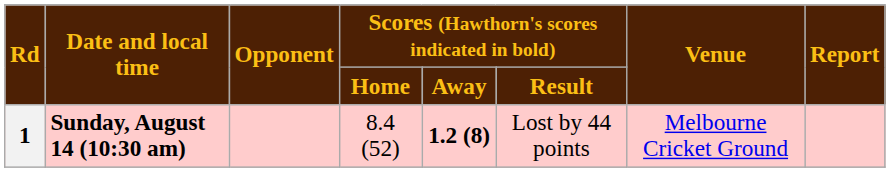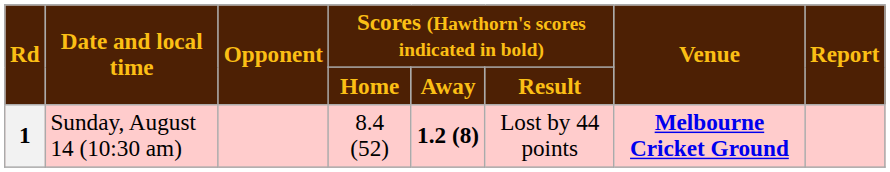 <table class="wikitable" style="text-align:center">
 <tr>
 <th rowspan="2" style="background: #4D2004; color: #FBBF15">Rd</th>
 <th rowspan="2" style="background: #4D2004; color: #FBBF15">Date and local time</th>
 <th rowspan="2" style="background: #4D2004; color: #FBBF15">Opponent</th>
 <th colspan="3" style="background: #4D2004; color: #FBBF15">Scores <small>(Hawthorn's scores indicated in <strong>bold</strong>)</small></th>
 <th rowspan="2" style="background: #4D2004; color: #FBBF15">Venue</th>
 <th rowspan="2" style="background: #4D2004; color: #FBBF15">Report</th>
 </tr>
 <tr>
 <th style="background: #4D2004; color: #FBBF15">Home</th>
 <th style="background: #4D2004; color: #FBBF15">Away</th>
 <th style="background: #4D2004; color: #FBBF15">Result</th>
 </tr>
 <tr style="background:#fcc">
 <th>1</th>
-<td align="left"><strong>Sunday, August 14 (10:30 am)</strong></td>
+<td align="left">Sunday, August 14 (10:30 am)</td>
 <td align="left"></td>
 <td>8.4 (52)</td>
 <td><strong>1.2 (8)</strong></td>
 <td>Lost by 44 points</td>
-<td><a href='#'>Melbourne Cricket Ground</a></td>
+<td><strong><a href='#'>Melbourne Cricket Ground</a></strong></td>
 <td></td>
 </tr>
 </table>
